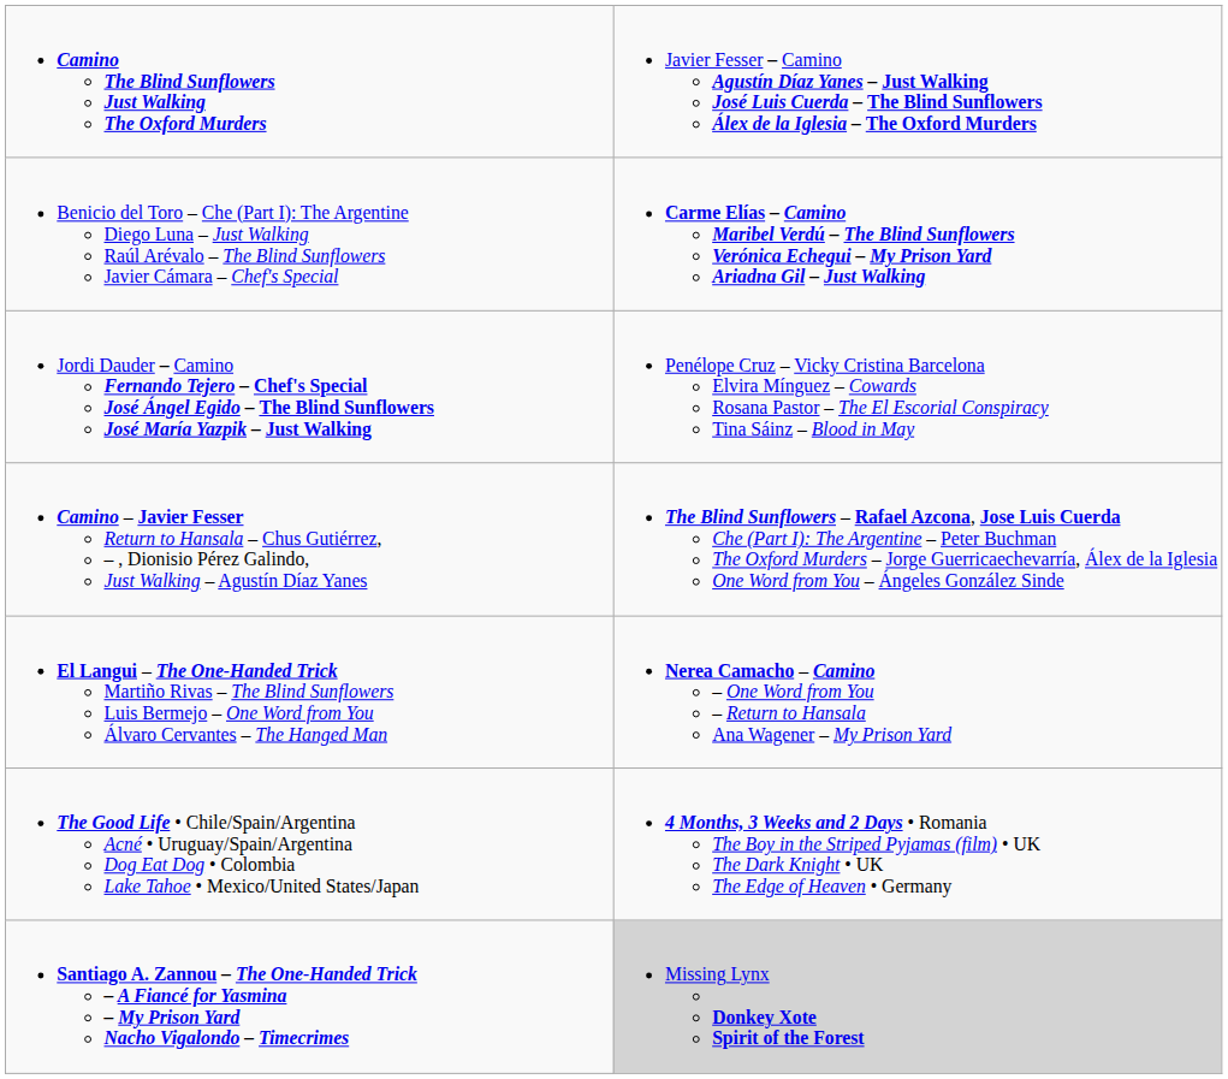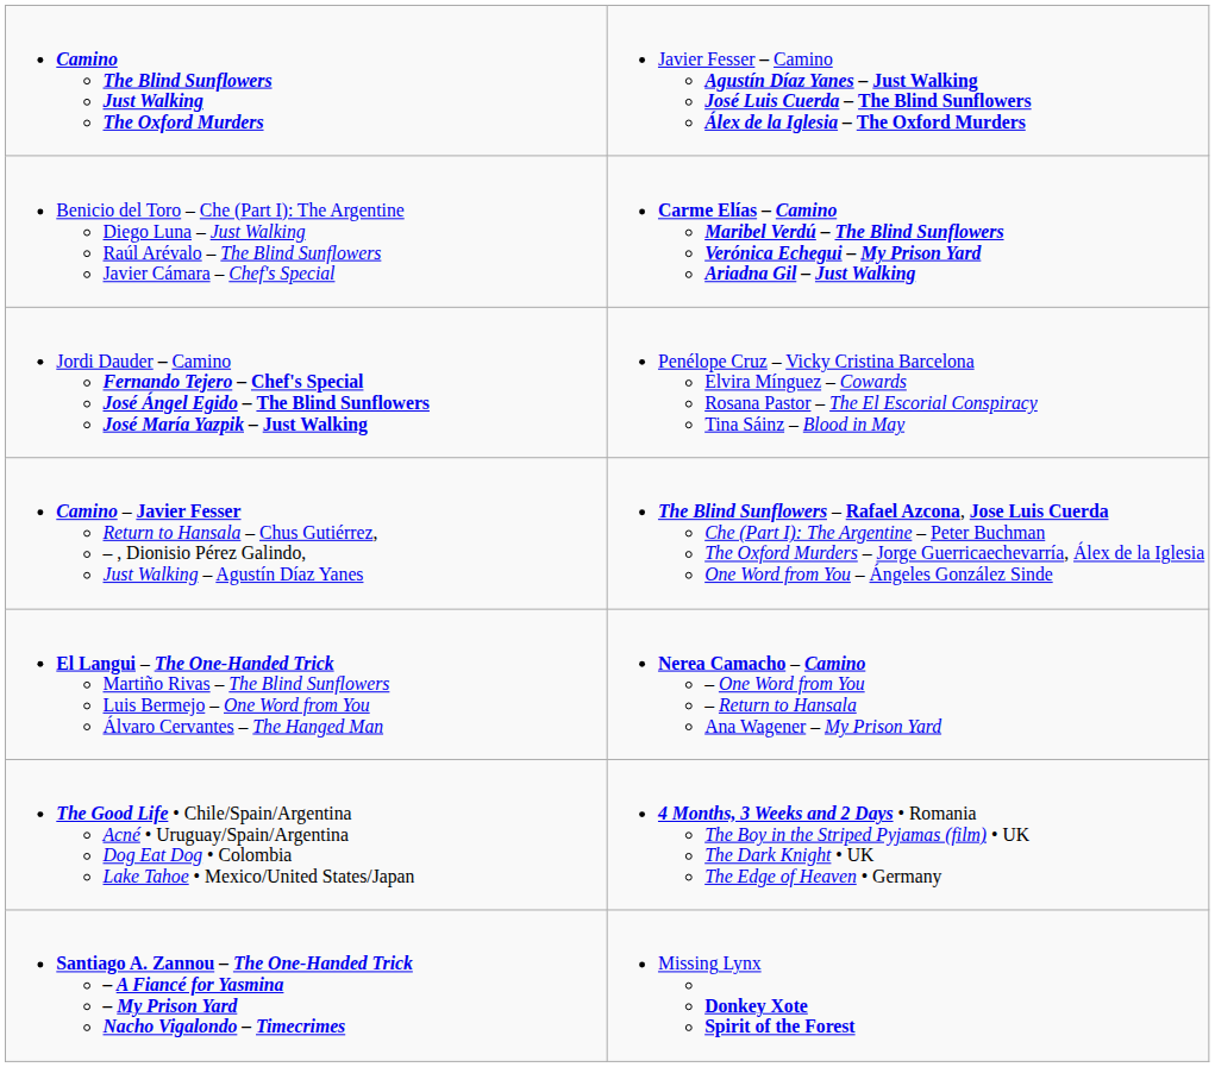 <table class=wikitable style="width=100%">
 <tr>
 <td style="vertical-align:top;" width="50%"><br><ul><li><strong> <em><a href='#'>Camino</a><strong><em><ul><li></em><a href='#'>The Blind Sunflowers</a><em></li><li></em><a href='#'>Just Walking</a><em></li><li></em><a href='#'>The Oxford Murders</a><em></li></ul></li></ul></td>
 <td style="vertical-align:top;" width="50%"><br><ul><li></strong><a href='#'>Javier Fesser</a><strong> – </em></strong><a href='#'>Camino</a><strong><em><ul><li><a href='#'>Agustín Díaz Yanes</a> – </em><a href='#'>Just Walking</a><em></li><li><a href='#'>José Luis Cuerda</a> – </em><a href='#'>The Blind Sunflowers</a><em></li><li><a href='#'>Álex de la Iglesia</a> – </em><a href='#'>The Oxford Murders</a><em></li></ul></li></ul></td>
 </tr>
 <tr>
 <td style="vertical-align:top;" width="50%"><br><ul><li></strong><a href='#'>Benicio del Toro</a> – </em><a href='#'>Che (Part I): The Argentine</a></em></strong><ul><li><a href='#'>Diego Luna</a> – <em><a href='#'>Just Walking</a></em></li><li><a href='#'>Raúl Arévalo</a> – <em><a href='#'>The Blind Sunflowers</a></em></li><li><a href='#'>Javier Cámara</a> – <em><a href='#'>Chef's Special</a></em></li></ul></li></ul></td>
 <td style="vertical-align:top;" width="50%"><br><ul><li><strong><a href='#'>Carme Elías</a> – <em><a href='#'>Camino</a><strong><em><ul><li><a href='#'>Maribel Verdú</a> – </em><a href='#'>The Blind Sunflowers</a><em></li><li><a href='#'>Verónica Echegui</a> – </em><a href='#'>My Prison Yard</a><em></li><li><a href='#'>Ariadna Gil</a> – </em><a href='#'>Just Walking</a><em></li></ul></li></ul></td>
 </tr>
 <tr>
 <td style="vertical-align:top;" width="50%"><br><ul><li></strong><a href='#'>Jordi Dauder</a><strong> – </em></strong><a href='#'>Camino</a><strong><em><ul><li><a href='#'>Fernando Tejero</a> – </em><a href='#'>Chef's Special</a><em></li><li><a href='#'>José Ángel Egido</a> – </em><a href='#'>The Blind Sunflowers</a><em></li><li><a href='#'>José María Yazpik</a> – </em><a href='#'>Just Walking</a><em></li></ul></li></ul></td>
 <td style="vertical-align:top;" width="50%"><br><ul><li></strong><a href='#'>Penélope Cruz</a> – </em><a href='#'>Vicky Cristina Barcelona</a></em></strong><ul><li><a href='#'>Elvira Mínguez</a> – <em><a href='#'>Cowards</a></em></li><li><a href='#'>Rosana Pastor</a> – <em><a href='#'>The El Escorial Conspiracy</a></em></li><li><a href='#'>Tina Sáinz</a> – <em><a href='#'>Blood in May</a></em></li></ul></li></ul></td>
 </tr>
 <tr>
 <td style="vertical-align:top;" width="50%"><br><ul><li><strong><em><a href='#'>Camino</a></em></strong> – <strong><a href='#'>Javier Fesser</a></strong><ul><li><em><a href='#'>Return to Hansala</a></em> – <a href='#'>Chus Gutiérrez</a>, </li><li><em></em> – , Dionisio Pérez Galindo, </li><li><em><a href='#'>Just Walking</a></em>  – <a href='#'>Agustín Díaz Yanes</a></li></ul></li></ul></td>
 <td style="vertical-align:top;" width="50%"><br><ul><li><strong><em><a href='#'>The Blind Sunflowers</a></em></strong> – <strong><a href='#'>Rafael Azcona</a></strong>, <strong><a href='#'>Jose Luis Cuerda</a></strong><ul><li><em><a href='#'>Che (Part I): The Argentine</a></em> – <a href='#'>Peter Buchman</a></li><li><em><a href='#'>The Oxford Murders</a></em> – <a href='#'>Jorge Guerricaechevarría</a>, <a href='#'>Álex de la Iglesia</a></li><li><em><a href='#'>One Word from You</a></em> – <a href='#'>Ángeles González Sinde</a></li></ul></li></ul></td>
 </tr>
 <tr>
 <td style="vertical-align:top;" width="50%"><br><ul><li><strong><a href='#'>El Langui</a></strong> – <strong><em><a href='#'>The One-Handed Trick</a></em></strong><ul><li><a href='#'>Martiño Rivas</a> – <em><a href='#'>The Blind Sunflowers</a></em></li><li><a href='#'>Luis Bermejo</a> – <em><a href='#'>One Word from You</a></em></li><li><a href='#'>Álvaro Cervantes</a> – <em><a href='#'>The Hanged Man</a></em></li></ul></li></ul></td>
 <td style="vertical-align:top;" width="50%"><br><ul><li><strong><a href='#'>Nerea Camacho</a></strong> – <strong><em><a href='#'>Camino</a></em></strong><ul><li> – <em><a href='#'>One Word from You</a></em></li><li> – <em><a href='#'>Return to Hansala</a></em></li><li><a href='#'>Ana Wagener</a> – <em><a href='#'>My Prison Yard</a></em></li></ul></li></ul></td>
 </tr>
 <tr>
 <td style="vertical-align:top;" width="50%"><br><ul><li><strong><em><a href='#'>The Good Life</a></em></strong> • Chile/Spain/Argentina<ul><li><em><a href='#'>Acné</a></em> • Uruguay/Spain/Argentina</li><li><em><a href='#'>Dog Eat Dog</a></em> • Colombia</li><li><em><a href='#'>Lake Tahoe</a></em> • Mexico/United States/Japan</li></ul></li></ul></td>
 <td style="vertical-align:top;" width="50%"><br><ul><li><strong><em><a href='#'>4 Months, 3 Weeks and 2 Days</a></em></strong> • Romania<ul><li><em><a href='#'>The Boy in the Striped Pyjamas (film)</a></em> • UK</li><li><em><a href='#'>The Dark Knight</a></em> • UK</li><li><em><a href='#'>The Edge of Heaven</a></em> • Germany</li></ul></li></ul></td>
 </tr>
 <tr>
 <td style="vertical-align:top;" width="50%"><br><ul><li><strong><a href='#'>Santiago A. Zannou</a> – <em><a href='#'>The One-Handed Trick</a><strong><em><ul><li> – </em><a href='#'>A Fiancé for Yasmina</a><em></li><li> – </em><a href='#'>My Prison Yard</a><em></li><li><a href='#'>Nacho Vigalondo</a> – </em><a href='#'>Timecrimes</a><em></li></ul></li></ul></td>
-<td style="background: lightgrey; vertical-align:top;" width="50%"><br><ul><li></em></strong><a href='#'>Missing Lynx</a><strong><em><ul><li></em><em></li><li></em><a href='#'>Donkey Xote</a><em></li><li></em><a href='#'>Spirit of the Forest</a><em></li></ul></li></ul></td>
+<td style="vertical-align:top;" width="50%"><br><ul><li></em></strong><a href='#'>Missing Lynx</a><strong><em><ul><li></em><em></li><li></em><a href='#'>Donkey Xote</a><em></li><li></em><a href='#'>Spirit of the Forest</a><em></li></ul></li></ul></td>
 </tr>
 </table>
